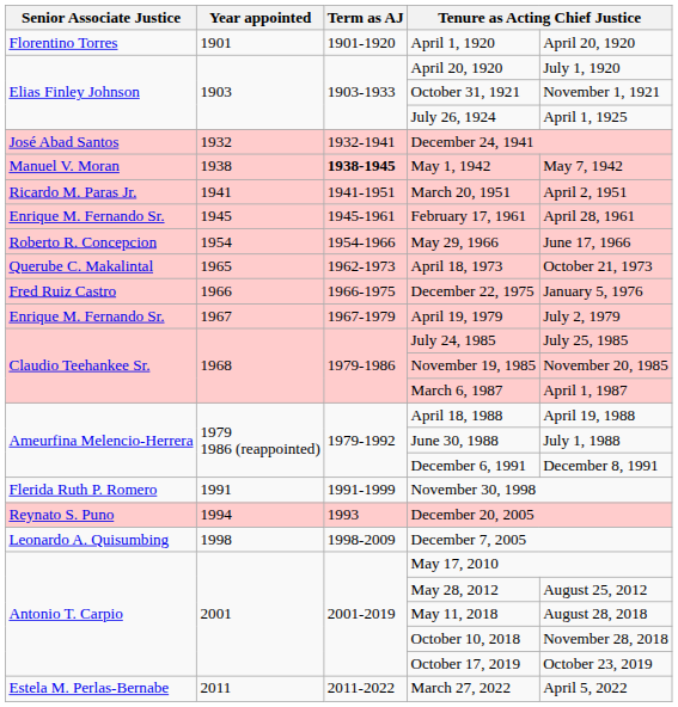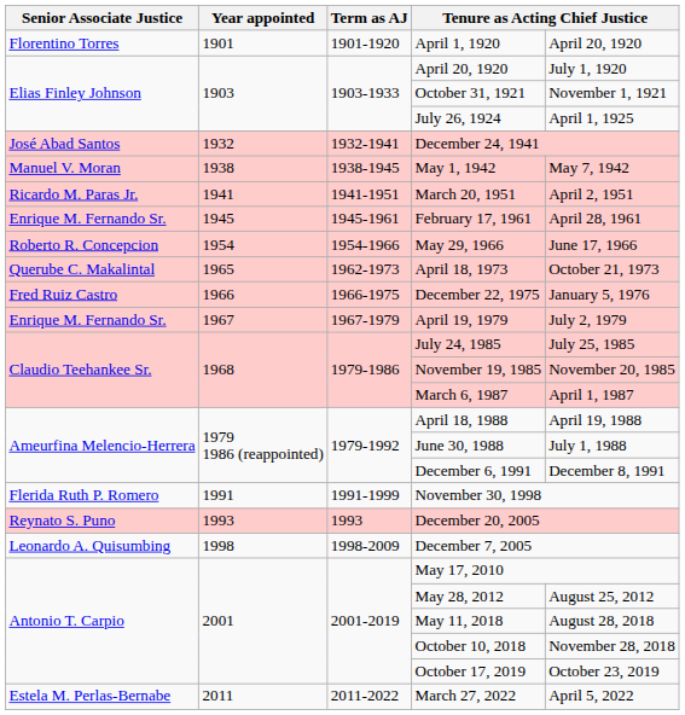 <table class="wikitable">
 <tr style="text-align:center"|>
 <th>Senior Associate Justice</th>
 <th>Year appointed</th>
 <th>Term as AJ</th>
 <th colspan="2">Tenure as Acting Chief Justice</th>
 </tr>
 <tr>
 <td><a href='#'>Florentino Torres</a></td>
 <td>1901</td>
 <td>1901-1920</td>
 <td>April 1, 1920</td>
 <td>April 20, 1920</td>
 </tr>
 <tr>
 <td rowspan="3"><a href='#'>Elias Finley Johnson</a></td>
 <td rowspan="3">1903</td>
 <td rowspan="3">1903-1933</td>
 <td>April 20, 1920</td>
 <td>July 1, 1920</td>
 </tr>
 <tr>
 <td>October 31, 1921</td>
 <td>November 1, 1921</td>
 </tr>
 <tr>
 <td>July 26, 1924</td>
 <td>April 1, 1925</td>
 </tr>
 <tr style="background: #fcc" |>
 <td><a href='#'>José Abad Santos</a></td>
 <td style="background: #fcc">1932</td>
 <td>1932-1941</td>
 <td style="background: #fcc" colspan="2">December 24, 1941</td>
 </tr>
 <tr style="background: #fcc" |>
 <td style="background: #fcc"><a href='#'>Manuel V. Moran</a></td>
 <td style="background: #fcc">1938</td>
-<td><strong>1938-1945</strong></td>
+<td>1938-1945</td>
 <td style="background: #fcc">May 1, 1942</td>
 <td>May 7, 1942</td>
 </tr>
 <tr style="background: #fcc" |>
 <td style="background: #fcc"><a href='#'>Ricardo M. Paras Jr.</a></td>
 <td style="background: #fcc">1941</td>
 <td>1941-1951</td>
 <td style="background: #fcc">March 20, 1951</td>
 <td>April 2, 1951</td>
 </tr>
 <tr style="background: #fcc" |>
 <td style="background: #fcc"><a href='#'>Enrique M. Fernando Sr.</a></td>
 <td style="background: #fcc">1945</td>
 <td>1945-1961</td>
 <td style="background: #fcc">February 17, 1961</td>
 <td>April 28, 1961</td>
 </tr>
 <tr style="background: #fcc" |>
 <td style="background: #fcc"><a href='#'>Roberto R. Concepcion</a></td>
 <td style="background: #fcc">1954</td>
 <td>1954-1966</td>
 <td style="background: #fcc">May 29, 1966</td>
 <td>June 17, 1966</td>
 </tr>
 <tr style="background: #fcc" |>
 <td style="background: #fcc"><a href='#'>Querube C. Makalintal</a></td>
 <td style="background: #fcc">1965</td>
 <td>1962-1973</td>
 <td style="background: #fcc">April 18, 1973</td>
 <td>October 21, 1973</td>
 </tr>
 <tr style="background: #fcc" |>
 <td style="background: #fcc"><a href='#'>Fred Ruiz Castro</a></td>
 <td style="background: #fcc">1966</td>
 <td>1966-1975</td>
 <td style="background: #fcc">December 22, 1975</td>
 <td>January 5, 1976</td>
 </tr>
 <tr style="background: #fcc" |>
 <td style="background: #fcc"><a href='#'>Enrique M. Fernando Sr.</a></td>
 <td style="background: #fcc">1967</td>
 <td>1967-1979</td>
 <td style="background: #fcc">April 19, 1979</td>
 <td>July 2, 1979</td>
 </tr>
 <tr style="background: #fcc" |>
 <td rowspan="3" style="background: #fcc"><a href='#'>Claudio Teehankee Sr.</a></td>
 <td rowspan="3" style="background: #fcc">1968</td>
 <td rowspan="3">1979-1986</td>
 <td style="background: #fcc">July 24, 1985</td>
 <td>July 25, 1985</td>
 </tr>
 <tr style="background: #fcc" |>
 <td>November 19, 1985</td>
 <td>November 20, 1985</td>
 </tr>
 <tr style="background: #fcc" |>
 <td>March 6, 1987</td>
 <td>April 1, 1987</td>
 </tr>
 <tr>
 <td rowspan="3"><a href='#'>Ameurfina Melencio-Herrera</a></td>
 <td rowspan="3">1979<br>1986 (reappointed)</td>
 <td rowspan="3">1979-1992</td>
 <td>April 18, 1988</td>
 <td>April 19, 1988</td>
 </tr>
 <tr>
 <td>June 30, 1988</td>
 <td>July 1, 1988</td>
 </tr>
 <tr>
 <td>December 6, 1991</td>
 <td>December 8, 1991</td>
 </tr>
 <tr>
 <td><a href='#'>Flerida Ruth P. Romero</a></td>
 <td>1991</td>
 <td>1991-1999</td>
 <td colspan="2">November 30, 1998</td>
 </tr>
 <tr style="background: #fcc" |>
 <td style="background: #fcc"><a href='#'>Reynato S. Puno</a></td>
-<td style="background: #fcc">1994</td>
+<td style="background: #fcc">1993</td>
 <td>1993</td>
 <td colspan="2" style="background: #fcc">December 20, 2005</td>
 </tr>
 <tr>
 <td><a href='#'>Leonardo A. Quisumbing</a></td>
 <td>1998</td>
 <td>1998-2009</td>
 <td colspan="2">December 7, 2005</td>
 </tr>
 <tr>
 <td rowspan="5"><a href='#'>Antonio T. Carpio</a></td>
 <td rowspan="5">2001</td>
 <td rowspan="5">2001-2019</td>
 <td colspan="2">May 17, 2010</td>
 </tr>
 <tr>
 <td>May 28, 2012</td>
 <td>August 25, 2012</td>
 </tr>
 <tr>
 <td>May 11, 2018</td>
 <td>August 28, 2018</td>
 </tr>
 <tr>
 <td>October 10, 2018</td>
 <td>November 28, 2018</td>
 </tr>
 <tr>
 <td>October 17, 2019</td>
 <td>October 23, 2019</td>
 </tr>
 <tr>
 <td><a href='#'>Estela M. Perlas-Bernabe</a></td>
 <td>2011</td>
 <td>2011-2022</td>
 <td>March 27, 2022</td>
 <td>April 5, 2022<br></td>
 </tr>
 </table>
